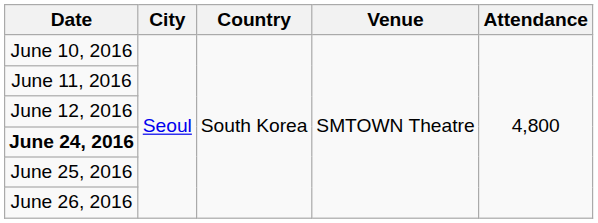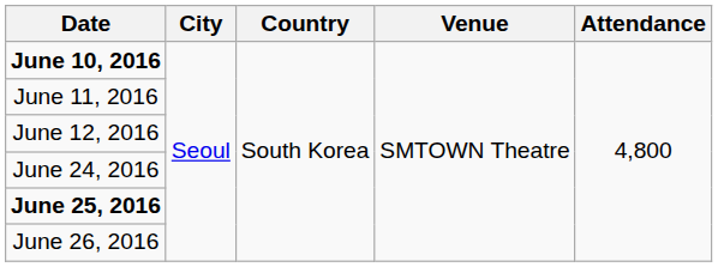 <table class="wikitable plainrowheaders" style="text-align:center;">
 <tr>
 <th>Date</th>
 <th>City</th>
 <th>Country</th>
 <th>Venue</th>
 <th>Attendance</th>
 </tr>
 <tr>
-<td>June 10, 2016</td>
+<td><strong>June 10, 2016</strong></td>
 <td rowspan="6"><a href='#'>Seoul</a></td>
 <td rowspan="6">South Korea</td>
 <td rowspan="6">SMTOWN Theatre</td>
 <td rowspan="6">4,800</td>
 </tr>
 <tr>
 <td>June 11, 2016</td>
 </tr>
 <tr>
 <td>June 12, 2016</td>
 </tr>
 <tr>
-<td><strong>June 24, 2016</strong></td>
+<td>June 24, 2016</td>
 </tr>
 <tr>
-<td>June 25, 2016</td>
+<td><strong>June 25, 2016</strong></td>
 </tr>
 <tr>
 <td>June 26, 2016</td>
 </tr>
 </table>
